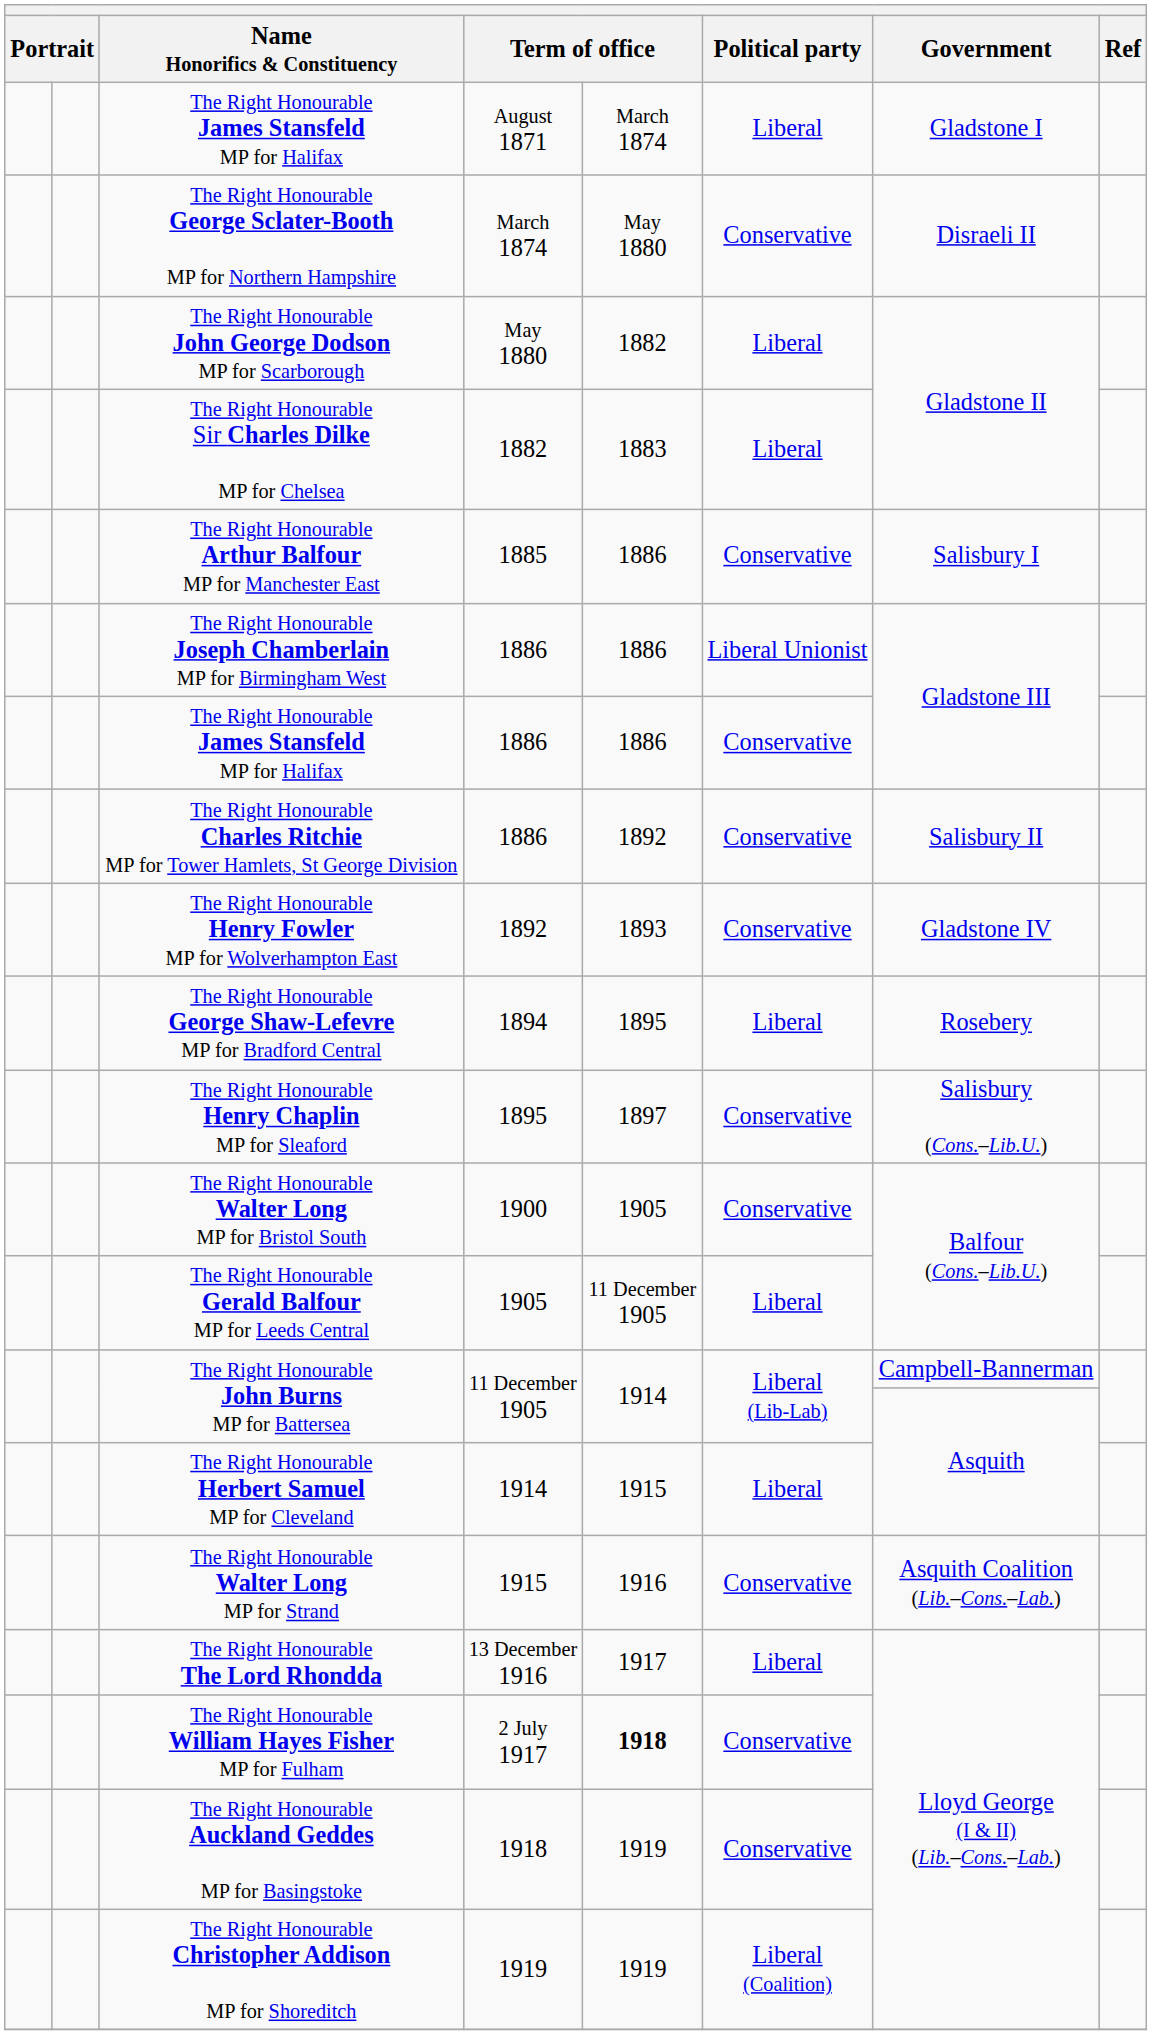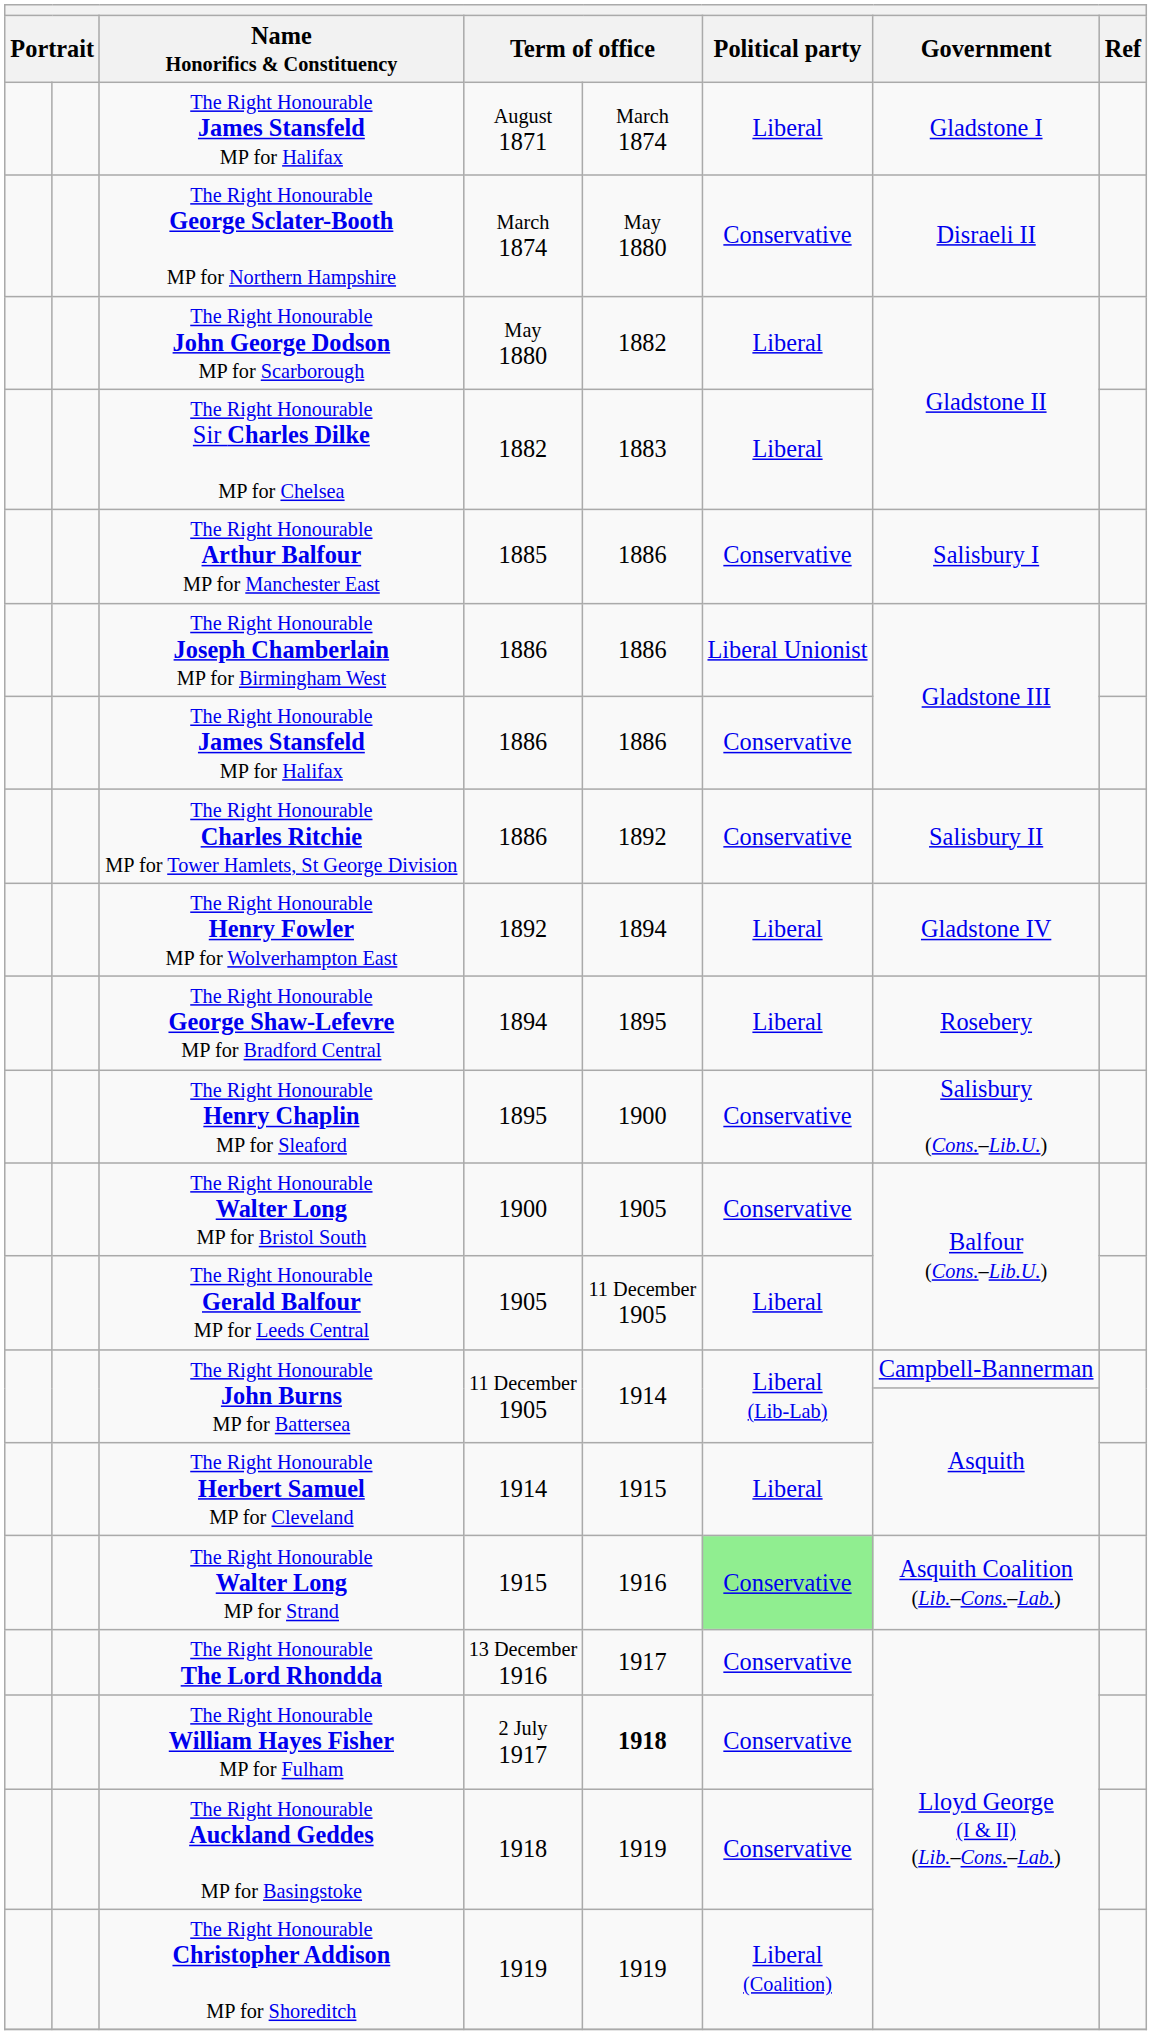 <table class="wikitable" style="text-align:Center">
 <tr>
 <th colspan=8></th>
 </tr>
 <tr>
 <th colspan=2>Portrait</th>
 <th>Name<br><small>Honorifics & Constituency</small></th>
 <th colspan=2>Term of office</th>
 <th>Political party</th>
 <th>Government</th>
 <th><abbr>Ref</abbr></th>
 </tr>
 <tr>
 <td style="background-color: "></td>
 <td></td>
 <td><a href='#'><small>The Right Honourable</small><br><strong>James Stansfeld</strong></a><br><small>MP for <a href='#'>Halifax</a></small></td>
 <td><small>August</small><br>1871</td>
 <td><small>March</small><br>1874</td>
 <td><a href='#'>Liberal</a></td>
 <td><a href='#'>Gladstone I</a></td>
 <td><br></td>
 </tr>
 <tr>
 <td style="background-color: "></td>
 <td></td>
 <td><a href='#'><small>The Right Honourable</small><br><strong>George Sclater-Booth</strong></a><br><br><small>MP for <a href='#'>Northern Hampshire</a></small></td>
 <td><small>March</small><br>1874</td>
 <td><small>May</small><br>1880</td>
 <td><a href='#'>Conservative</a></td>
 <td><a href='#'>Disraeli II</a></td>
 <td></td>
 </tr>
 <tr>
 <td style="background-color: "></td>
 <td></td>
 <td><a href='#'><small>The Right Honourable</small><br><strong>John George Dodson</strong></a><br><small>MP for <a href='#'>Scarborough</a></small></td>
 <td><small>May</small><br>1880</td>
 <td>1882</td>
 <td><a href='#'>Liberal</a></td>
 <td rowspan="2" ><a href='#'>Gladstone II</a></td>
 <td></td>
 </tr>
 <tr>
 <td style="background-color: "></td>
 <td></td>
 <td><a href='#'><small>The Right Honourable</small><br>Sir <strong>Charles Dilke</strong></a><br><br><small>MP for <a href='#'>Chelsea</a></small></td>
 <td>1882</td>
 <td>1883</td>
 <td><a href='#'>Liberal</a></td>
 <td></td>
 </tr>
 <tr>
 <td style="background-color: "></td>
 <td></td>
 <td><a href='#'><small>The Right Honourable</small><br><strong>Arthur Balfour</strong></a><br><small>MP for <a href='#'>Manchester East</a></small></td>
 <td>1885</td>
 <td>1886</td>
 <td><a href='#'>Conservative</a></td>
 <td><a href='#'>Salisbury I</a></td>
 <td></td>
 </tr>
 <tr>
 <td style="background-color: "></td>
 <td></td>
 <td><a href='#'><small>The Right Honourable</small><br><strong>Joseph Chamberlain</strong></a><br><small>MP for <a href='#'>Birmingham West</a></small></td>
 <td>1886</td>
 <td>1886</td>
 <td><a href='#'>Liberal Unionist</a></td>
 <td rowspan="2" ><a href='#'>Gladstone III</a></td>
 <td></td>
 </tr>
 <tr>
 <td style="background-color: "></td>
 <td></td>
 <td><a href='#'><small>The Right Honourable</small><br><strong>James Stansfeld</strong></a><br><small>MP for <a href='#'>Halifax</a></small></td>
 <td>1886</td>
 <td>1886</td>
 <td><a href='#'>Conservative</a></td>
 <td></td>
 </tr>
 <tr>
 <td style="background-color: "></td>
 <td></td>
 <td><a href='#'><small>The Right Honourable</small><br><strong>Charles Ritchie</strong></a><br><small>MP for <a href='#'>Tower Hamlets, St George Division</a></small></td>
 <td>1886</td>
 <td>1892</td>
 <td><a href='#'>Conservative</a></td>
 <td><a href='#'>Salisbury II</a></td>
 <td></td>
 </tr>
 <tr>
 <td style="background-color: "></td>
 <td></td>
 <td><a href='#'><small>The Right Honourable</small><br><strong>Henry Fowler</strong></a><br><small>MP for <a href='#'>Wolverhampton East</a></small></td>
 <td>1892</td>
-<td>1893</td>
-<td><a href='#'>Conservative</a></td>
+<td>1894</td>
+<td><a href='#'>Liberal</a></td>
 <td><a href='#'>Gladstone IV</a></td>
 <td></td>
 </tr>
 <tr>
 <td style="background-color: "></td>
 <td></td>
 <td><a href='#'><small>The Right Honourable</small><br><strong>George Shaw-Lefevre</strong></a><br><small>MP for <a href='#'>Bradford Central</a></small></td>
 <td>1894</td>
 <td>1895</td>
 <td><a href='#'>Liberal</a></td>
 <td><a href='#'>Rosebery</a></td>
 <td></td>
 </tr>
 <tr>
 <td style="background-color: "></td>
 <td></td>
 <td><a href='#'><small>The Right Honourable</small><br><strong>Henry Chaplin</strong></a><br><small>MP for <a href='#'>Sleaford</a></small></td>
 <td>1895</td>
-<td>1897</td>
+<td>1900</td>
 <td><a href='#'>Conservative</a></td>
 <td rowspan="2" ><a href='#'>Salisbury<br></a><br><small>(<em><a href='#'>Cons.</a>–<a href='#'>Lib.U.</a></em>)</small></td>
 <td></td>
 </tr>
 <tr>
 <td rowspan="2" style="background-color: "></td>
 <td rowspan="2"></td>
 <td rowspan="2"><a href='#'><small>The Right Honourable</small><br><strong>Walter Long</strong></a><br><small>MP for <a href='#'>Bristol South</a></small></td>
 <td rowspan="2">1900</td>
 <td rowspan="2">1905</td>
 <td rowspan="2" ><a href='#'>Conservative</a></td>
 <td rowspan="2"></td>
 </tr>
 <tr>
 <td rowspan="2" ><a href='#'>Balfour</a><br><small>(<em><a href='#'>Cons.</a>–<a href='#'>Lib.U.</a></em>)</small></td>
 </tr>
 <tr>
 <td style="background-color: "></td>
 <td></td>
 <td><a href='#'><small>The Right Honourable</small><br><strong>Gerald Balfour</strong></a><br><small>MP for <a href='#'>Leeds Central</a></small></td>
 <td>1905</td>
 <td><small>11 December</small><br>1905</td>
 <td><a href='#'>Liberal</a></td>
 <td></td>
 </tr>
 <tr>
 <td rowspan="2" style="background-color: "></td>
 <td rowspan="2"></td>
 <td rowspan="2"><a href='#'><small>The Right Honourable</small><br><strong>John Burns</strong></a><br><small>MP for <a href='#'>Battersea</a></small></td>
 <td rowspan="2"><small>11 December</small><br>1905</td>
 <td rowspan="2">1914</td>
 <td rowspan="2" ><a href='#'>Liberal</a><br><small><a href='#'>(Lib-Lab)</a></small></td>
 <td><a href='#'>Campbell-Bannerman</a></td>
 <td rowspan="2"></td>
 </tr>
 <tr>
 <td rowspan="2" ><a href='#'>Asquith<br></a></td>
 </tr>
 <tr>
 <td style="background-color: "></td>
 <td></td>
 <td><a href='#'><small>The Right Honourable</small><br><strong>Herbert Samuel</strong></a><br><small>MP for <a href='#'>Cleveland</a></small></td>
 <td>1914</td>
 <td>1915</td>
 <td><a href='#'>Liberal</a></td>
 <td></td>
 </tr>
 <tr>
 <td style="background-color: "></td>
 <td></td>
 <td><a href='#'><small>The Right Honourable</small><br><strong>Walter Long</strong></a><br><small>MP for <a href='#'>Strand</a></small></td>
 <td>1915</td>
 <td>1916</td>
-<td><a href='#'>Conservative</a></td>
+<td style="background: lightgreen;"><a href='#'>Conservative</a></td>
 <td><a href='#'>Asquith Coalition</a><br><small>(<em><a href='#'>Lib.</a>–<a href='#'>Cons.</a>–<a href='#'>Lab.</a></em>)</small></td>
 <td></td>
 </tr>
 <tr>
 <td style="background-color: "></td>
 <td></td>
 <td><a href='#'><small>The Right Honourable</small><br><strong>The Lord Rhondda</strong></a><br></td>
 <td><small>13 December</small><br>1916</td>
 <td>1917</td>
-<td><a href='#'>Liberal</a></td>
+<td><a href='#'>Conservative</a></td>
 <td rowspan="4" ><a href='#'>Lloyd George<br><small>(I & II)</small></a><br><small>(<em><a href='#'>Lib.</a>–<a href='#'>Cons.</a>–<a href='#'>Lab.</a></em>)</small></td>
 <td></td>
 </tr>
 <tr>
 <td style="background-color: "></td>
 <td></td>
 <td><a href='#'><small>The Right Honourable</small><br><strong>William Hayes Fisher</strong></a><br><small>MP for <a href='#'>Fulham</a></small></td>
 <td><small>2 July</small><br>1917</td>
 <td><strong>1918</strong></td>
 <td><a href='#'>Conservative</a></td>
 <td></td>
 </tr>
 <tr>
 <td style="background-color: "></td>
 <td></td>
 <td><a href='#'><small>The Right Honourable</small><br><strong>Auckland Geddes</strong></a><br><br><small>MP for <a href='#'>Basingstoke</a></small></td>
 <td>1918</td>
 <td>1919</td>
 <td><a href='#'>Conservative</a></td>
 <td></td>
 </tr>
 <tr>
 <td style="background-color: "></td>
 <td></td>
 <td><a href='#'><small>The Right Honourable</small><br><strong>Christopher Addison</strong></a><br><br><small>MP for <a href='#'>Shoreditch</a></small></td>
 <td>1919</td>
 <td>1919</td>
 <td><a href='#'>Liberal</a><br><a href='#'><small>(Coalition)</small></a></td>
 <td></td>
 </tr>
 <tr>
 </tr>
 </table>
